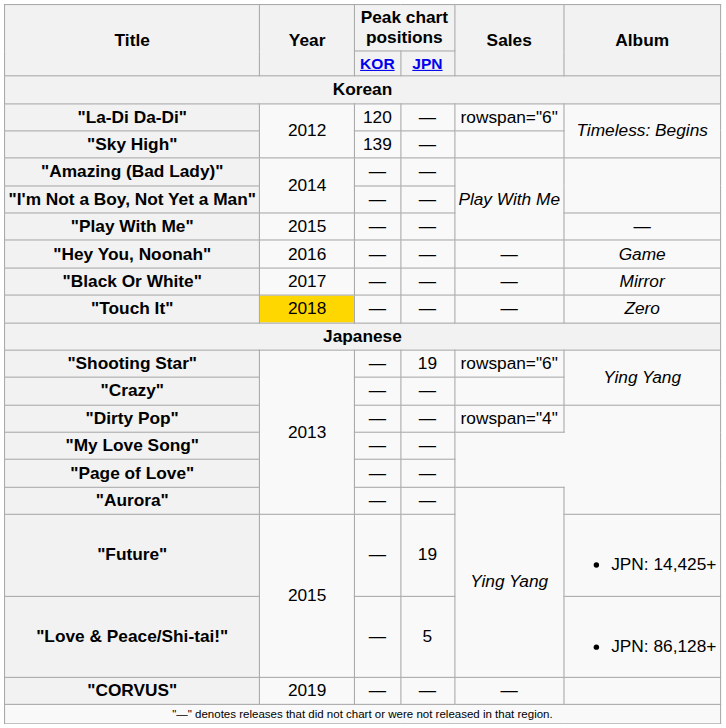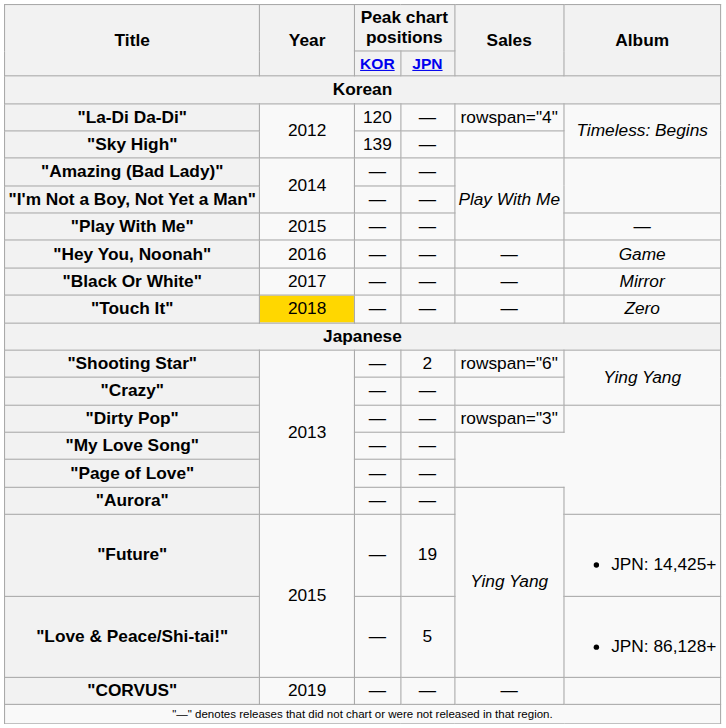 <table class="wikitable plainrowheaders" style="text-align:center;">
 <tr>
 <th scope="col" rowspan="2">Title</th>
 <th scope="col" rowspan="2" style="width:5em;">Year</th>
 <th scope="col" colspan="2">Peak chart positions</th>
 <th scope="col" rowspan="2">Sales</th>
 <th scope="col" rowspan="2">Album</th>
 </tr>
 <tr>
 <th scope="col" style="width:2.5em;font-size:90%;"><a href='#'>KOR</a><br></th>
 <th scope="col" style="width:3em;font-size:90%;"><a href='#'>JPN</a><br></th>
 </tr>
 <tr>
 <th colspan="7">Korean</th>
 </tr>
 <tr>
 <th scope="row">"La-Di Da-Di"</th>
 <td rowspan="2">2012</td>
 <td>120</td>
 <td>—</td>
-<td>rowspan="6" </td>
+<td>rowspan="4" </td>
 <td rowspan="2"><em>Timeless: Begins</em></td>
 </tr>
 <tr>
 <th scope="row">"Sky High"</th>
 <td>139</td>
 <td>—</td>
 </tr>
 <tr>
 <th scope="row">"Amazing (Bad Lady)"</th>
 <td rowspan="2">2014</td>
 <td>—</td>
 <td>—</td>
 <td rowspan="3"><em>Play With Me</em></td>
 </tr>
 <tr>
 <th scope="row">"I'm Not a Boy, Not Yet a Man"</th>
 <td>—</td>
 <td>—</td>
 </tr>
 <tr>
 <th scope="row">"Play With Me"</th>
 <td rowspan="1">2015</td>
 <td>—</td>
 <td>—</td>
 <td>—</td>
 </tr>
 <tr>
 <th scope="row">"Hey You, Noonah"</th>
 <td rowspan="1">2016</td>
 <td>—</td>
 <td>—</td>
 <td>—</td>
 <td rowspan="1"><em>Game</em></td>
 </tr>
 <tr>
 <th scope="row">"Black Or White"</th>
 <td rowspan="1">2017</td>
 <td>—</td>
 <td>—</td>
 <td>—</td>
 <td rowspan="1"><em>Mirror</em></td>
 </tr>
 <tr>
 <th scope="row">"Touch It"</th>
 <td rowspan="1" style="background: gold;">2018</td>
 <td>—</td>
 <td>—</td>
 <td>—</td>
 <td rowspan="1"><em>Zero</em></td>
 </tr>
 <tr>
 <th colspan="7">Japanese</th>
 </tr>
 <tr>
 <th scope="row">"Shooting Star"</th>
 <td rowspan="6">2013</td>
 <td>—</td>
-<td>19</td>
+<td>2</td>
 <td>rowspan="6" </td>
 <td rowspan="2"><em>Ying Yang</em></td>
 </tr>
 <tr>
 <th scope="row">"Crazy"</th>
 <td>—</td>
 <td>—</td>
 </tr>
 <tr>
 <th scope="row">"Dirty Pop"</th>
 <td>—</td>
 <td>—</td>
-<td>rowspan="4" </td>
+<td>rowspan="3" </td>
 </tr>
 <tr>
 <th scope="row">"My Love Song"</th>
 <td>—</td>
 <td>—</td>
 </tr>
 <tr>
 <th scope="row">"Page of Love"</th>
 <td>—</td>
 <td>—</td>
 </tr>
 <tr>
 <th scope="row">"Aurora"</th>
 <td>—</td>
 <td>—</td>
 <td rowspan="3"><em>Ying Yang</em></td>
 </tr>
 <tr>
 <th scope="row">"Future"</th>
 <td rowspan="2">2015</td>
 <td>—</td>
 <td>19</td>
 <td><br><ul><li>JPN: 14,425+</li></ul></td>
 </tr>
 <tr>
 <th scope="row">"Love & Peace/Shi-tai!"</th>
 <td>—</td>
 <td>5</td>
 <td><br><ul><li>JPN: 86,128+</li></ul></td>
 </tr>
 <tr>
 <th scope="row">"CORVUS"</th>
 <td>2019</td>
 <td>—</td>
 <td>—</td>
 <td>—</td>
 <td></td>
 </tr>
 <tr>
 <td colspan="6" style="font-size:8pt;">"—" denotes releases that did not chart or were not released in that region.</td>
 </tr>
 </table>
